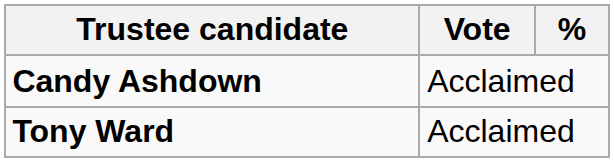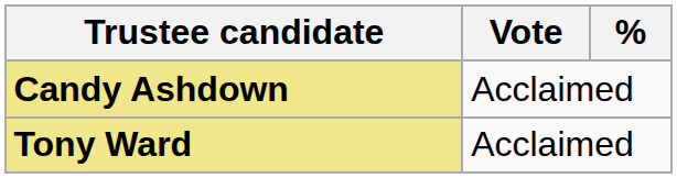 <table class="wikitable">
 <tr>
 <th width="200px">Trustee candidate</th>
 <th width="50px">Vote</th>
 <th width="30px">%</th>
 </tr>
 <tr>
-<td><strong>Candy Ashdown</strong> </td>
+<td style="background: khaki;"><strong>Candy Ashdown</strong> </td>
 <td colspan="2">Acclaimed</td>
 </tr>
 <tr>
-<td><strong>Tony Ward</strong> </td>
+<td style="background: khaki;"><strong>Tony Ward</strong> </td>
 <td colspan="2">Acclaimed</td>
 </tr>
 </table>
